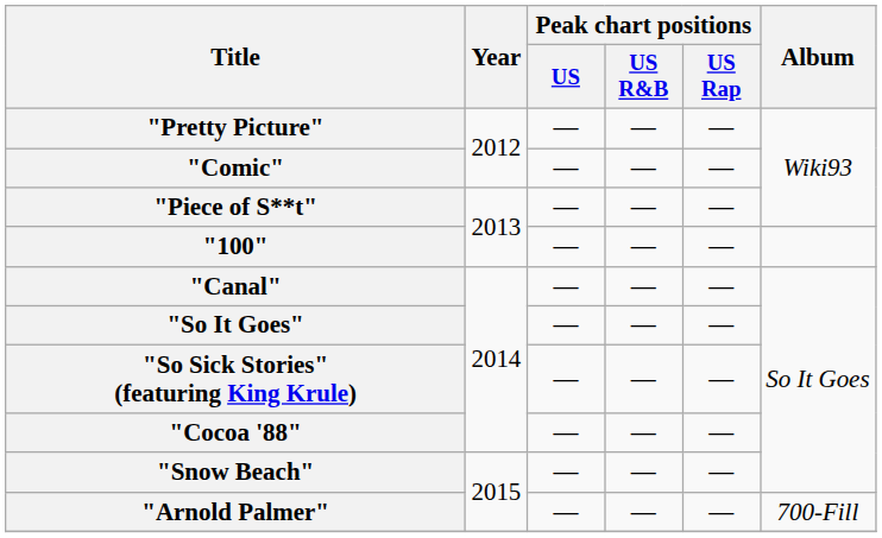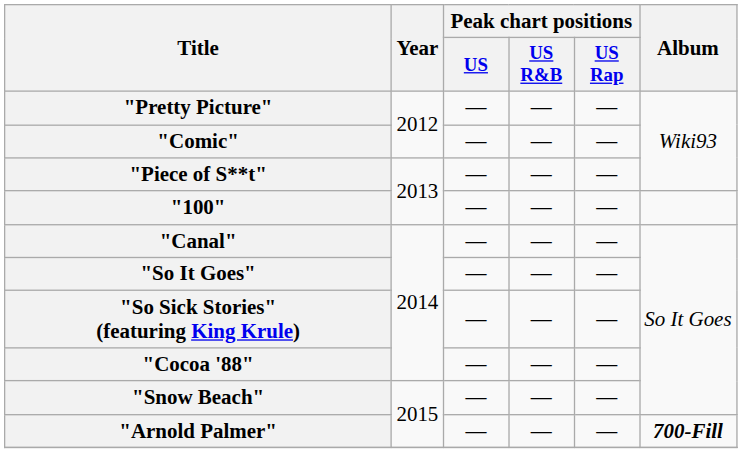 <table class="wikitable plainrowheaders" style="text-align:center;">
 <tr>
 <th scope="col" rowspan="2" style="width:18em;">Title</th>
 <th scope="col" rowspan="2">Year</th>
 <th scope="col" colspan="3">Peak chart positions</th>
 <th scope="col" rowspan="2">Album</th>
 </tr>
 <tr>
 <th scope="col" style="width:3em;font-size:90%;"><a href='#'>US</a><br></th>
 <th scope="col" style="width:3em;font-size:90%;"><a href='#'>US R&B</a><br></th>
 <th scope="col" style="width:3em;font-size:90%;"><a href='#'>US Rap</a><br></th>
 </tr>
 <tr>
 <th scope="row">"Pretty Picture"</th>
 <td rowspan="2">2012</td>
 <td>—</td>
 <td>—</td>
 <td>—</td>
 <td rowspan="3"><em>Wiki93</em></td>
 </tr>
 <tr>
 <th scope="row">"Comic"</th>
 <td>—</td>
 <td>—</td>
 <td>—</td>
 </tr>
 <tr>
 <th scope="row">"Piece of S**t"</th>
 <td rowspan="2">2013</td>
 <td>—</td>
 <td>—</td>
 <td>—</td>
 </tr>
 <tr>
 <th scope="row">"100"</th>
 <td>—</td>
 <td>—</td>
 <td>—</td>
 <td></td>
 </tr>
 <tr>
 <th scope="row">"Canal"</th>
 <td rowspan="4">2014</td>
 <td>—</td>
 <td>—</td>
 <td>—</td>
 <td rowspan="5"><em>So It Goes</em></td>
 </tr>
 <tr>
 <th scope="row">"So It Goes"</th>
 <td>—</td>
 <td>—</td>
 <td>—</td>
 </tr>
 <tr>
 <th scope="row">"So Sick Stories"<br><span>(featuring <a href='#'>King Krule</a>)</span></th>
 <td>—</td>
 <td>—</td>
 <td>—</td>
 </tr>
 <tr>
 <th scope="row">"Cocoa '88"</th>
 <td>—</td>
 <td>—</td>
 <td>—</td>
 </tr>
 <tr>
 <th scope="row">"Snow Beach"</th>
 <td rowspan="2">2015</td>
 <td>—</td>
 <td>—</td>
 <td>—</td>
 </tr>
 <tr>
 <th scope="row">"Arnold Palmer"</th>
 <td>—</td>
 <td>—</td>
 <td>—</td>
-<td><em>700-Fill</em></td>
+<td><strong><em>700-Fill</em></strong></td>
 </tr>
 <tr>
 </tr>
 </table>
